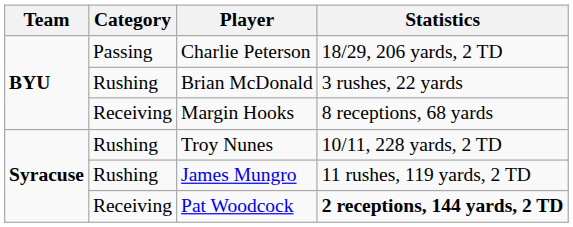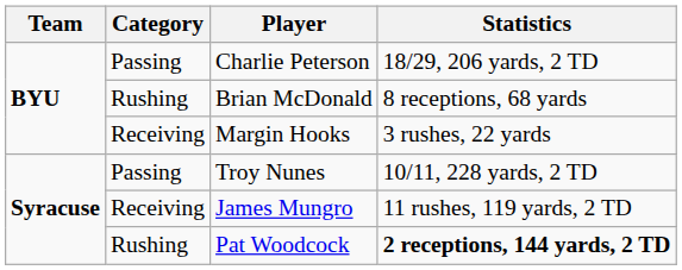 <table class="wikitable" style="float: left;">
 <tr>
 <th>Team</th>
 <th>Category</th>
 <th>Player</th>
 <th>Statistics</th>
 </tr>
 <tr>
 <td rowspan=3><strong>BYU</strong></td>
 <td>Passing</td>
 <td>Charlie Peterson</td>
 <td>18/29, 206 yards, 2 TD</td>
 </tr>
 <tr>
 <td>Rushing</td>
 <td>Brian McDonald</td>
-<td>3 rushes, 22 yards</td>
+<td>8 receptions, 68 yards</td>
 </tr>
 <tr>
 <td>Receiving</td>
 <td>Margin Hooks</td>
-<td>8 receptions, 68 yards</td>
+<td>3 rushes, 22 yards</td>
 </tr>
 <tr>
 <td rowspan=3><strong>Syracuse</strong></td>
-<td>Rushing</td>
+<td>Passing</td>
 <td>Troy Nunes</td>
 <td>10/11, 228 yards, 2 TD</td>
 </tr>
 <tr>
-<td>Rushing</td>
+<td>Receiving</td>
 <td><a href='#'>James Mungro</a></td>
 <td>11 rushes, 119 yards, 2 TD</td>
 </tr>
 <tr>
-<td>Receiving</td>
+<td>Rushing</td>
 <td><a href='#'>Pat Woodcock</a></td>
 <td><strong>2 receptions, 144 yards, 2 TD</strong></td>
 </tr>
 </table>
